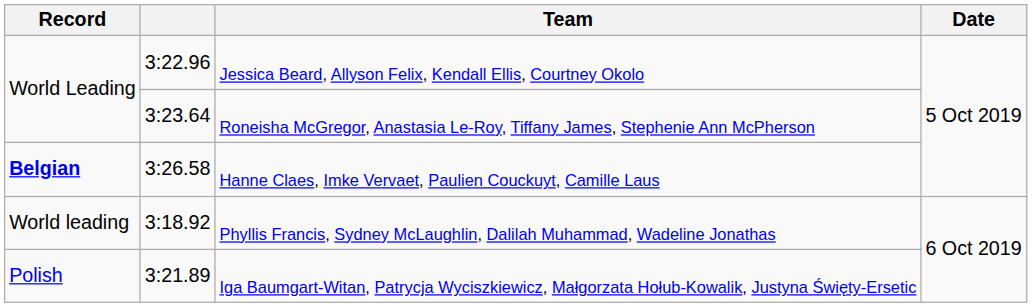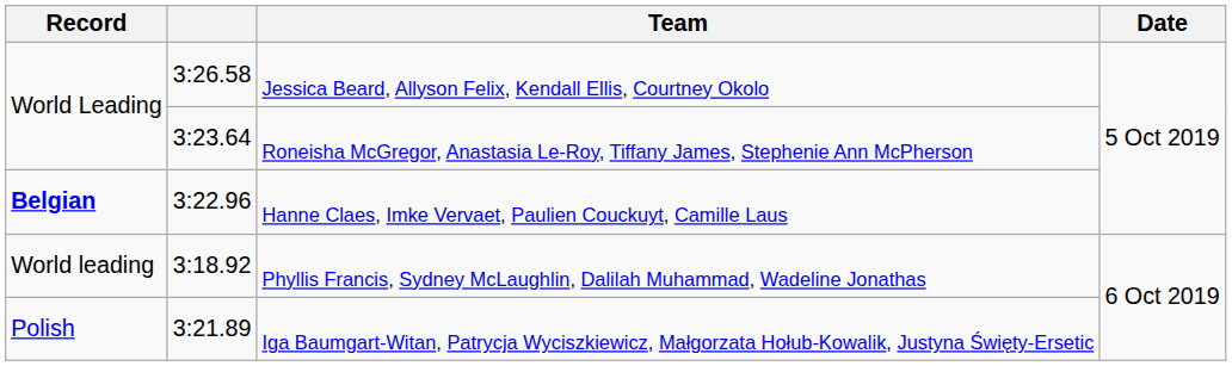 <table class="wikitable">
 <tr>
 <th>Record</th>
 <th></th>
 <th>Team</th>
 <th>Date</th>
 </tr>
 <tr>
 <td rowspan=2>World Leading</td>
-<td>3:22.96</td>
+<td>3:26.58</td>
 <td> <br><small> <a href='#'>Jessica Beard</a>, <a href='#'>Allyson Felix</a>, <a href='#'>Kendall Ellis</a>, <a href='#'>Courtney Okolo</a> </small></td>
 <td rowspan=3 align=right>5 Oct 2019</td>
 </tr>
 <tr>
 <td>3:23.64</td>
 <td> <br><small> <a href='#'>Roneisha McGregor</a>, <a href='#'>Anastasia Le-Roy</a>, <a href='#'>Tiffany James</a>, <a href='#'>Stephenie Ann McPherson</a></small></td>
 </tr>
 <tr>
 <td><strong><a href='#'>Belgian</a></strong></td>
-<td>3:26.58</td>
+<td>3:22.96</td>
 <td> <br><small> <a href='#'>Hanne Claes</a>, <a href='#'>Imke Vervaet</a>, <a href='#'>Paulien Couckuyt</a>, <a href='#'>Camille Laus</a></small></td>
 </tr>
 <tr>
 <td>World leading</td>
 <td>3:18.92</td>
 <td> <br><small> <a href='#'>Phyllis Francis</a>, <a href='#'>Sydney McLaughlin</a>, <a href='#'>Dalilah Muhammad</a>, <a href='#'>Wadeline Jonathas</a> </small></td>
 <td rowspan=2 align=right>6 Oct 2019</td>
 </tr>
 <tr>
 <td><a href='#'>Polish</a></td>
 <td>3:21.89</td>
 <td> <br><small> <a href='#'>Iga Baumgart-Witan</a>, <a href='#'>Patrycja Wyciszkiewicz</a>, <a href='#'>Małgorzata Hołub-Kowalik</a>, <a href='#'>Justyna Święty-Ersetic</a> </small></td>
 </tr>
 </table>
